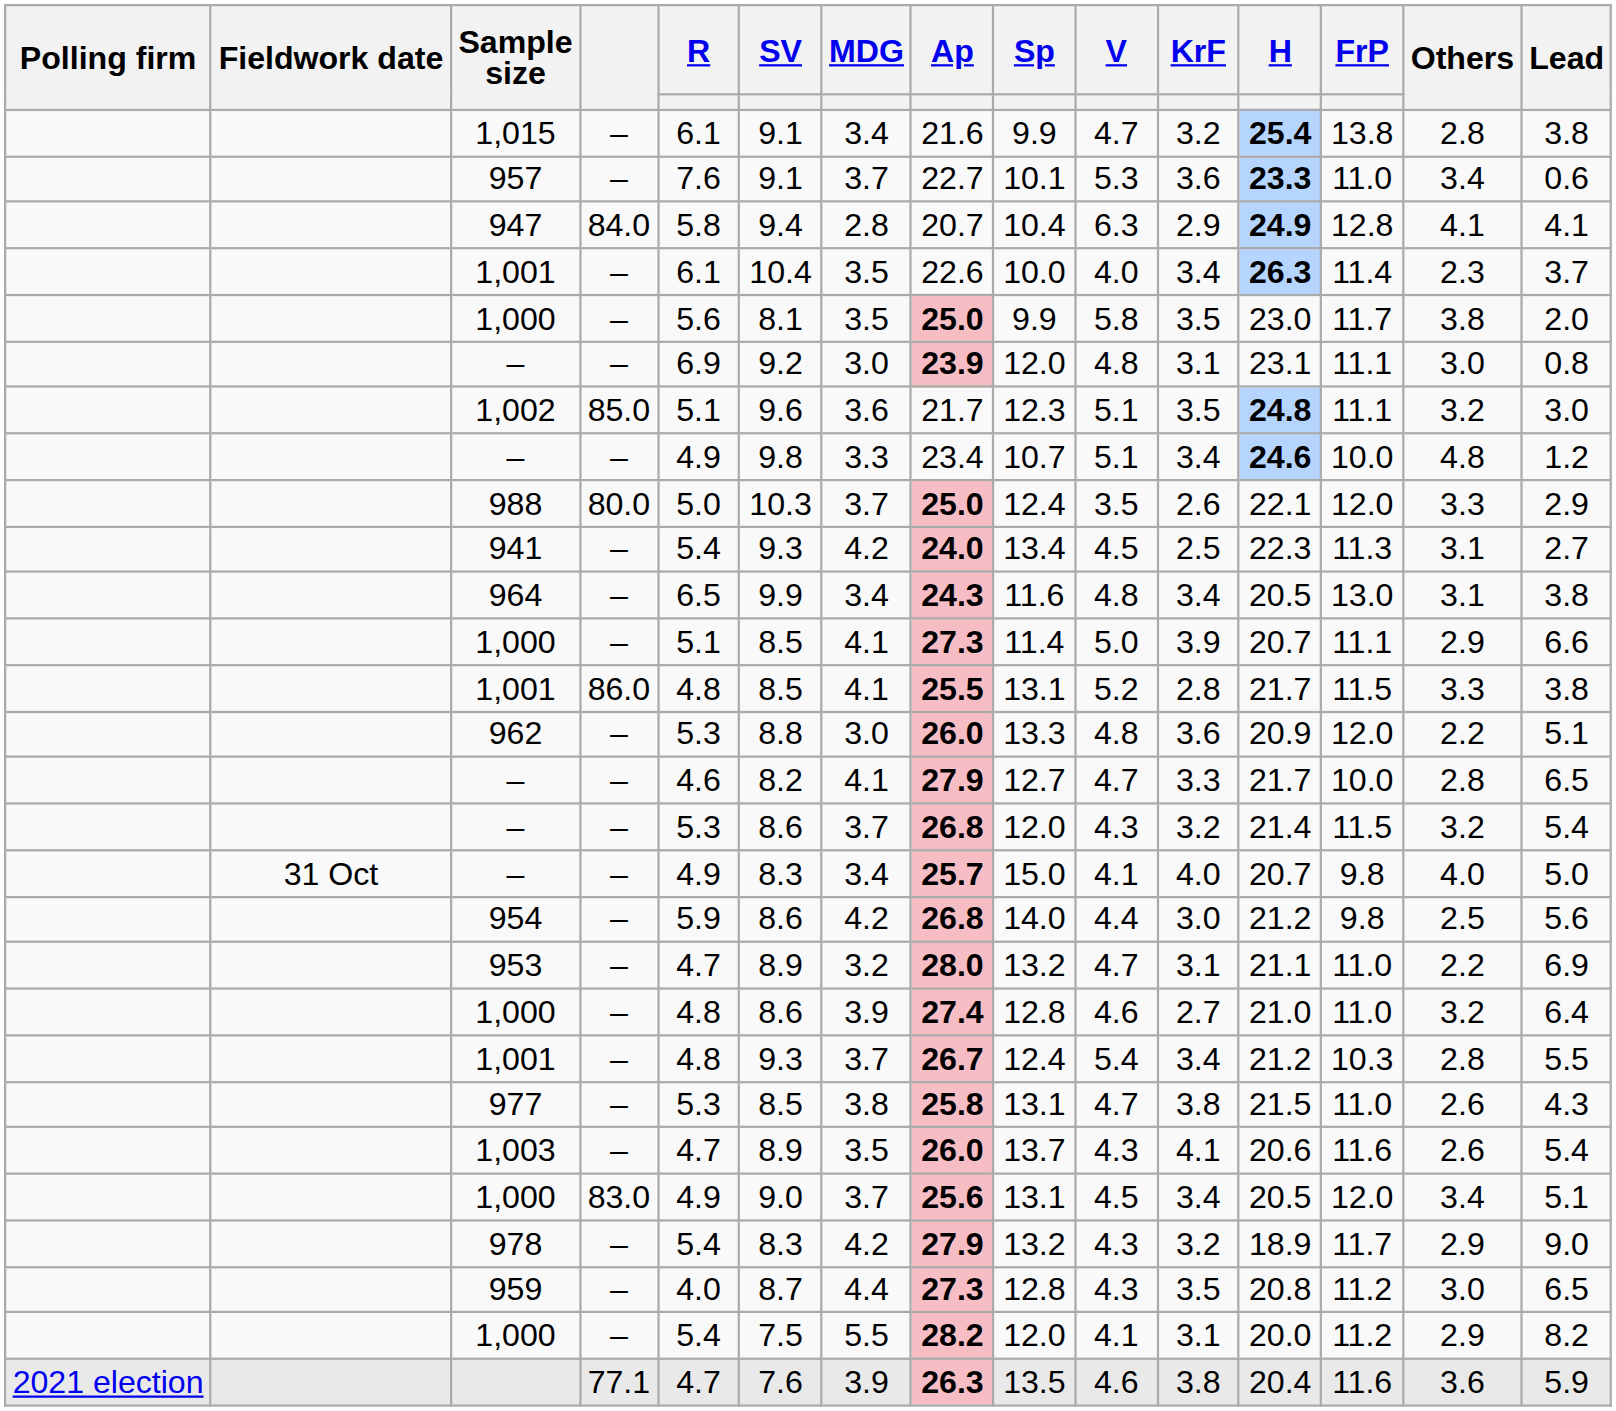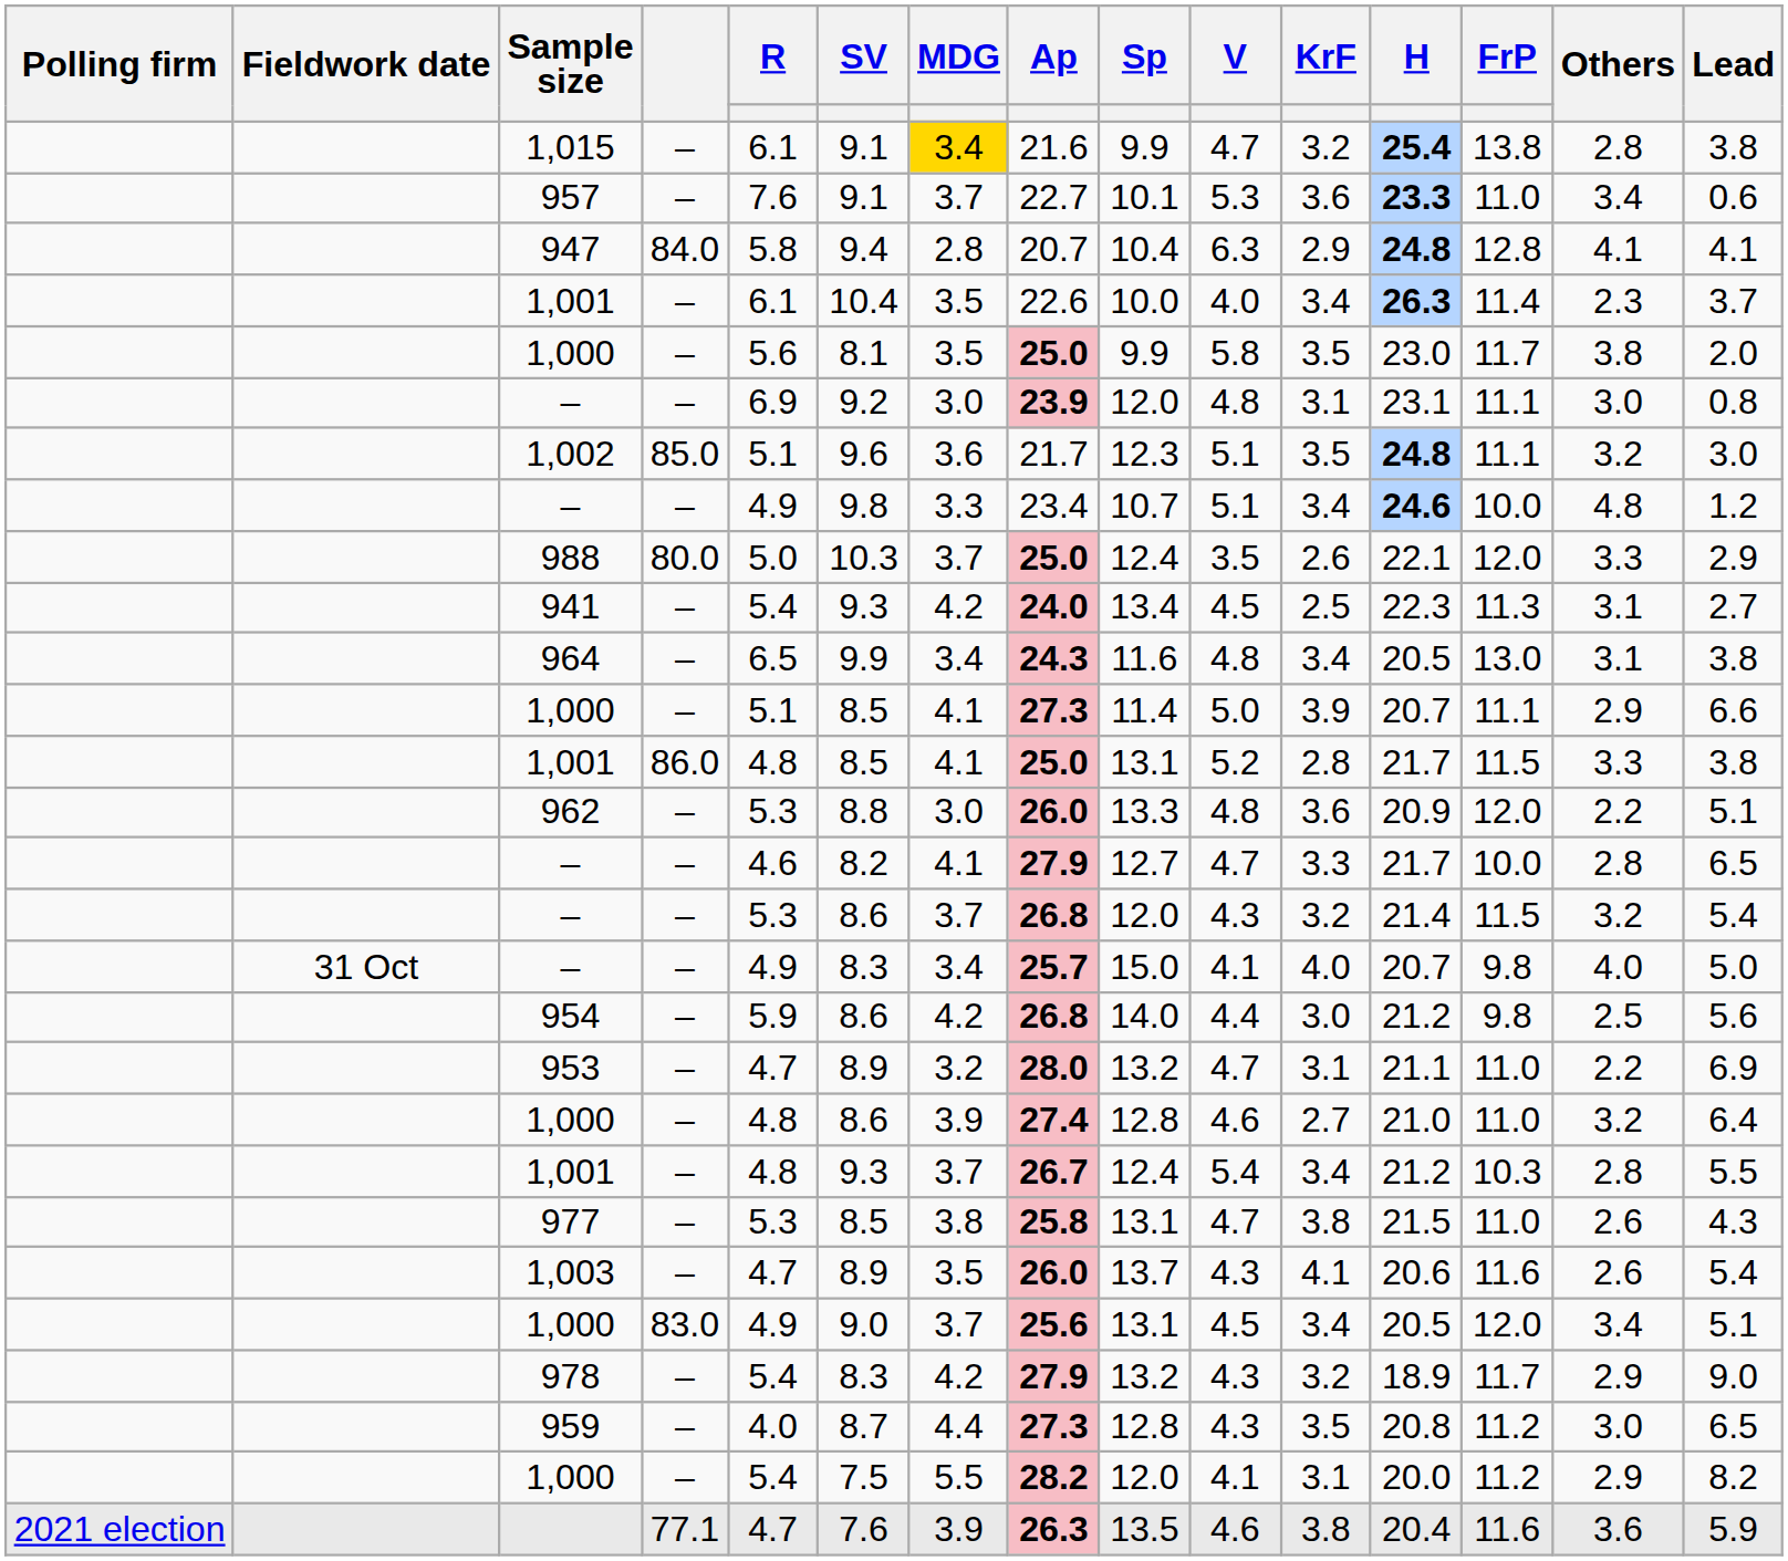 <table class="wikitable sortable mw-datatable mw-collapsible mw-collapsed" style="text-align:center;font-size:90%;line-height:14px;">
 <tr style="height:40px;">
 <th rowspan="2">Polling firm</th>
 <th rowspan="2">Fieldwork date</th>
 <th rowspan="2">Sample<br>size</th>
 <th rowspan="2"></th>
 <th class="unsortable" style="width:30px;"><a href='#'>R</a></th>
 <th class="unsortable" style="width:30px;"><a href='#'>SV</a></th>
 <th><a href='#'>MDG</a></th>
 <th class="unsortable" style="width:30px;"><a href='#'>Ap</a></th>
 <th class="unsortable" style="width:30px;"><a href='#'>Sp</a></th>
 <th class="unsortable" style="width:30px;"><a href='#'>V</a></th>
 <th class="unsortable" style="width:30px;"><a href='#'>KrF</a></th>
 <th class="unsortable" style="width:30px;"><a href='#'>H</a></th>
 <th class="unsortable" style="width:30px;"><a href='#'>FrP</a></th>
 <th class="unsortable" style="width:30px;" rowspan="2">Others</th>
 <th style="width:30px;" rowspan="2">Lead</th>
 </tr>
 <tr>
 <th style="background:"></th>
 <th style="background:"></th>
 <th style="background:"></th>
 <th style="background:"></th>
 <th style="background:"></th>
 <th style="background:"></th>
 <th style="background:"></th>
 <th style="background:"></th>
 <th style="background:"></th>
 </tr>
 <tr>
 <td></td>
 <td></td>
 <td>1,015</td>
 <td>–</td>
 <td>6.1</td>
 <td>9.1</td>
-<td>3.4</td>
+<td style="background: gold;">3.4</td>
 <td>21.6</td>
 <td>9.9</td>
 <td>4.7</td>
 <td>3.2</td>
 <td style="background:#B5D5FF;"><strong>25.4</strong></td>
 <td>13.8</td>
 <td>2.8</td>
 <td style="background:">3.8</td>
 </tr>
 <tr>
 <td></td>
 <td></td>
 <td>957</td>
 <td>–</td>
 <td>7.6</td>
 <td>9.1</td>
 <td>3.7</td>
 <td>22.7</td>
 <td>10.1</td>
 <td>5.3</td>
 <td>3.6</td>
 <td style="background:#B5D5FF;"><strong>23.3</strong></td>
 <td>11.0</td>
 <td>3.4</td>
 <td style="background:">0.6</td>
 </tr>
 <tr>
 <td></td>
 <td></td>
 <td>947</td>
 <td>84.0</td>
 <td>5.8</td>
 <td>9.4</td>
 <td>2.8</td>
 <td>20.7</td>
 <td>10.4</td>
 <td>6.3</td>
 <td>2.9</td>
-<td style="background:#B5D5FF;"><strong>24.9</strong></td>
+<td style="background:#B5D5FF;"><strong>24.8</strong></td>
 <td>12.8</td>
 <td>4.1</td>
 <td style="background:">4.1</td>
 </tr>
 <tr>
 <td></td>
 <td></td>
 <td>1,001</td>
 <td>–</td>
 <td>6.1</td>
 <td>10.4</td>
 <td>3.5</td>
 <td>22.6</td>
 <td>10.0</td>
 <td>4.0</td>
 <td>3.4</td>
 <td style="background:#B5D5FF;"><strong>26.3</strong></td>
 <td>11.4</td>
 <td>2.3</td>
 <td style="background:">3.7</td>
 </tr>
 <tr>
 <td></td>
 <td></td>
 <td>1,000</td>
 <td>–</td>
 <td>5.6</td>
 <td>8.1</td>
 <td>3.5</td>
 <td style="background:#F7BDC5;"><strong>25.0</strong></td>
 <td>9.9</td>
 <td>5.8</td>
 <td>3.5</td>
 <td>23.0</td>
 <td>11.7</td>
 <td>3.8</td>
 <td style="background:">2.0</td>
 </tr>
 <tr>
 <td></td>
 <td></td>
 <td>–</td>
 <td>–</td>
 <td>6.9</td>
 <td>9.2</td>
 <td>3.0</td>
 <td style="background:#F7BDC5;"><strong>23.9</strong></td>
 <td>12.0</td>
 <td>4.8</td>
 <td>3.1</td>
 <td>23.1</td>
 <td>11.1</td>
 <td>3.0</td>
 <td style="background:">0.8</td>
 </tr>
 <tr>
 <td></td>
 <td></td>
 <td>1,002</td>
 <td>85.0</td>
 <td>5.1</td>
 <td>9.6</td>
 <td>3.6</td>
 <td>21.7</td>
 <td>12.3</td>
 <td>5.1</td>
 <td>3.5</td>
 <td style="background:#B5D5FF;"><strong>24.8</strong></td>
 <td>11.1</td>
 <td>3.2</td>
 <td style="background:">3.0</td>
 </tr>
 <tr>
 <td></td>
 <td></td>
 <td>–</td>
 <td>–</td>
 <td>4.9</td>
 <td>9.8</td>
 <td>3.3</td>
 <td>23.4</td>
 <td>10.7</td>
 <td>5.1</td>
 <td>3.4</td>
 <td style="background:#B5D5FF;"><strong>24.6</strong></td>
 <td>10.0</td>
 <td>4.8</td>
 <td style="background:">1.2</td>
 </tr>
 <tr>
 <td></td>
 <td></td>
 <td>988</td>
 <td>80.0</td>
 <td>5.0</td>
 <td>10.3</td>
 <td>3.7</td>
 <td style="background:#F7BDC5;"><strong>25.0</strong></td>
 <td>12.4</td>
 <td>3.5</td>
 <td>2.6</td>
 <td>22.1</td>
 <td>12.0</td>
 <td>3.3</td>
 <td style="background:">2.9</td>
 </tr>
 <tr>
 <td></td>
 <td></td>
 <td>941</td>
 <td>–</td>
 <td>5.4</td>
 <td>9.3</td>
 <td>4.2</td>
 <td style="background:#F7BDC5;"><strong>24.0</strong></td>
 <td>13.4</td>
 <td>4.5</td>
 <td>2.5</td>
 <td>22.3</td>
 <td>11.3</td>
 <td>3.1</td>
 <td style="background:">2.7</td>
 </tr>
 <tr>
 <td></td>
 <td></td>
 <td>964</td>
 <td>–</td>
 <td>6.5</td>
 <td>9.9</td>
 <td>3.4</td>
 <td style="background:#F7BDC5;"><strong>24.3</strong></td>
 <td>11.6</td>
 <td>4.8</td>
 <td>3.4</td>
 <td>20.5</td>
 <td>13.0</td>
 <td>3.1</td>
 <td style="background:">3.8</td>
 </tr>
 <tr>
 <td></td>
 <td></td>
 <td>1,000</td>
 <td>–</td>
 <td>5.1</td>
 <td>8.5</td>
 <td>4.1</td>
 <td style="background:#F7BDC5;"><strong>27.3</strong></td>
 <td>11.4</td>
 <td>5.0</td>
 <td>3.9</td>
 <td>20.7</td>
 <td>11.1</td>
 <td>2.9</td>
 <td style="background:">6.6</td>
 </tr>
 <tr>
 <td></td>
 <td></td>
 <td>1,001</td>
 <td>86.0</td>
 <td>4.8</td>
 <td>8.5</td>
 <td>4.1</td>
-<td style="background:#F7BDC5;"><strong>25.5</strong></td>
+<td style="background:#F7BDC5;"><strong>25.0</strong></td>
 <td>13.1</td>
 <td>5.2</td>
 <td>2.8</td>
 <td>21.7</td>
 <td>11.5</td>
 <td>3.3</td>
 <td style="background:">3.8</td>
 </tr>
 <tr>
 <td></td>
 <td></td>
 <td>962</td>
 <td>–</td>
 <td>5.3</td>
 <td>8.8</td>
 <td>3.0</td>
 <td style="background:#F7BDC5;"><strong>26.0</strong></td>
 <td>13.3</td>
 <td>4.8</td>
 <td>3.6</td>
 <td>20.9</td>
 <td>12.0</td>
 <td>2.2</td>
 <td style="background:">5.1</td>
 </tr>
 <tr>
 <td></td>
 <td></td>
 <td>–</td>
 <td>–</td>
 <td>4.6</td>
 <td>8.2</td>
 <td>4.1</td>
 <td style="background:#F7BDC5;"><strong>27.9</strong></td>
 <td>12.7</td>
 <td>4.7</td>
 <td>3.3</td>
 <td>21.7</td>
 <td>10.0</td>
 <td>2.8</td>
 <td style="background:">6.5</td>
 </tr>
 <tr>
 <td></td>
 <td></td>
 <td>–</td>
 <td>–</td>
 <td>5.3</td>
 <td>8.6</td>
 <td>3.7</td>
 <td style="background:#F7BDC5;"><strong>26.8</strong></td>
 <td>12.0</td>
 <td>4.3</td>
 <td>3.2</td>
 <td>21.4</td>
 <td>11.5</td>
 <td>3.2</td>
 <td style="background:">5.4</td>
 </tr>
 <tr>
 <td></td>
 <td>31 Oct</td>
 <td>–</td>
 <td>–</td>
 <td>4.9</td>
 <td>8.3</td>
 <td>3.4</td>
 <td style="background:#F7BDC5;"><strong>25.7</strong></td>
 <td>15.0</td>
 <td>4.1</td>
 <td>4.0</td>
 <td>20.7</td>
 <td>9.8</td>
 <td>4.0</td>
 <td style="background:">5.0</td>
 </tr>
 <tr>
 <td></td>
 <td></td>
 <td>954</td>
 <td>–</td>
 <td>5.9</td>
 <td>8.6</td>
 <td>4.2</td>
 <td style="background:#F7BDC5;"><strong>26.8</strong></td>
 <td>14.0</td>
 <td>4.4</td>
 <td>3.0</td>
 <td>21.2</td>
 <td>9.8</td>
 <td>2.5</td>
 <td style="background:">5.6</td>
 </tr>
 <tr>
 <td></td>
 <td></td>
 <td>953</td>
 <td>–</td>
 <td>4.7</td>
 <td>8.9</td>
 <td>3.2</td>
 <td style="background:#F7BDC5;"><strong>28.0</strong></td>
 <td>13.2</td>
 <td>4.7</td>
 <td>3.1</td>
 <td>21.1</td>
 <td>11.0</td>
 <td>2.2</td>
 <td style="background:">6.9</td>
 </tr>
 <tr>
 <td></td>
 <td></td>
 <td>1,000</td>
 <td>–</td>
 <td>4.8</td>
 <td>8.6</td>
 <td>3.9</td>
 <td style="background:#F7BDC5;"><strong>27.4</strong></td>
 <td>12.8</td>
 <td>4.6</td>
 <td>2.7</td>
 <td>21.0</td>
 <td>11.0</td>
 <td>3.2</td>
 <td style="background:">6.4</td>
 </tr>
 <tr>
 <td></td>
 <td></td>
 <td>1,001</td>
 <td>–</td>
 <td>4.8</td>
 <td>9.3</td>
 <td>3.7</td>
 <td style="background:#F7BDC5;"><strong>26.7</strong></td>
 <td>12.4</td>
 <td>5.4</td>
 <td>3.4</td>
 <td>21.2</td>
 <td>10.3</td>
 <td>2.8</td>
 <td style="background:">5.5</td>
 </tr>
 <tr>
 <td></td>
 <td></td>
 <td>977</td>
 <td>–</td>
 <td>5.3</td>
 <td>8.5</td>
 <td>3.8</td>
 <td style="background:#F7BDC5;"><strong>25.8</strong></td>
 <td>13.1</td>
 <td>4.7</td>
 <td>3.8</td>
 <td>21.5</td>
 <td>11.0</td>
 <td>2.6</td>
 <td style="background:">4.3</td>
 </tr>
 <tr>
 <td></td>
 <td></td>
 <td>1,003</td>
 <td>–</td>
 <td>4.7</td>
 <td>8.9</td>
 <td>3.5</td>
 <td style="background:#F7BDC5;"><strong>26.0</strong></td>
 <td>13.7</td>
 <td>4.3</td>
 <td>4.1</td>
 <td>20.6</td>
 <td>11.6</td>
 <td>2.6</td>
 <td style="background:">5.4</td>
 </tr>
 <tr>
 <td></td>
 <td></td>
 <td>1,000</td>
 <td>83.0</td>
 <td>4.9</td>
 <td>9.0</td>
 <td>3.7</td>
 <td style="background:#F7BDC5;"><strong>25.6</strong></td>
 <td>13.1</td>
 <td>4.5</td>
 <td>3.4</td>
 <td>20.5</td>
 <td>12.0</td>
 <td>3.4</td>
 <td style="background:">5.1</td>
 </tr>
 <tr>
 <td></td>
 <td></td>
 <td>978</td>
 <td>–</td>
 <td>5.4</td>
 <td>8.3</td>
 <td>4.2</td>
 <td style="background:#F7BDC5;"><strong>27.9</strong></td>
 <td>13.2</td>
 <td>4.3</td>
 <td>3.2</td>
 <td>18.9</td>
 <td>11.7</td>
 <td>2.9</td>
 <td style="background:">9.0</td>
 </tr>
 <tr>
 <td></td>
 <td></td>
 <td>959</td>
 <td>–</td>
 <td>4.0</td>
 <td>8.7</td>
 <td>4.4</td>
 <td style="background:#F7BDC5;"><strong>27.3</strong></td>
 <td>12.8</td>
 <td>4.3</td>
 <td>3.5</td>
 <td>20.8</td>
 <td>11.2</td>
 <td>3.0</td>
 <td style="background:">6.5</td>
 </tr>
 <tr>
 <td></td>
 <td></td>
 <td>1,000</td>
 <td>–</td>
 <td>5.4</td>
 <td>7.5</td>
 <td>5.5</td>
 <td style="background:#F7BDC5;"><strong>28.2</strong></td>
 <td>12.0</td>
 <td>4.1</td>
 <td>3.1</td>
 <td>20.0</td>
 <td>11.2</td>
 <td>2.9</td>
 <td style="background:">8.2</td>
 </tr>
 <tr style="background:#E9E9E9;">
 <td><a href='#'>2021 election</a></td>
 <td></td>
 <td></td>
 <td>77.1</td>
 <td>4.7</td>
 <td>7.6</td>
 <td>3.9</td>
 <td style="background:#F7BDC5;"><strong>26.3</strong></td>
 <td>13.5</td>
 <td>4.6</td>
 <td>3.8</td>
 <td>20.4</td>
 <td>11.6</td>
 <td>3.6</td>
 <td style="background:">5.9</td>
 </tr>
 </table>
